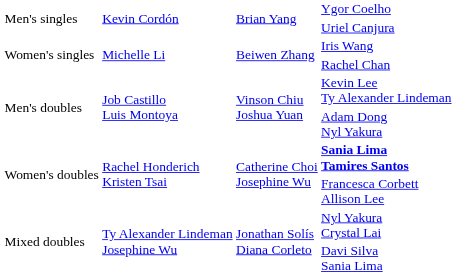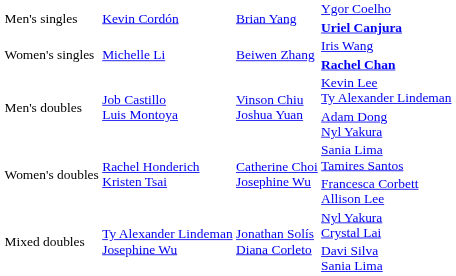 <table>
 <tr>
 <td rowspan="2">Men's singles</td>
 <td rowspan="2"> <a href='#'>Kevin Cordón</a></td>
 <td rowspan="2"> <a href='#'>Brian Yang</a></td>
 <td> <a href='#'>Ygor Coelho</a></td>
 </tr>
 <tr>
-<td> <a href='#'>Uriel Canjura</a></td>
+<td><strong> <a href='#'>Uriel Canjura</a></strong></td>
 </tr>
 <tr>
 <td rowspan="2">Women's singles</td>
 <td rowspan="2"> <a href='#'>Michelle Li</a></td>
 <td rowspan="2"> <a href='#'>Beiwen Zhang</a></td>
 <td> <a href='#'>Iris Wang</a></td>
 </tr>
 <tr>
-<td> <a href='#'>Rachel Chan</a></td>
+<td><strong> <a href='#'>Rachel Chan</a></strong></td>
 </tr>
 <tr>
 <td rowspan="2">Men's doubles</td>
 <td rowspan="2"> <a href='#'>Job Castillo</a><br> <a href='#'>Luis Montoya</a></td>
 <td rowspan="2"> <a href='#'>Vinson Chiu</a><br> <a href='#'>Joshua Yuan</a></td>
 <td> <a href='#'>Kevin Lee</a><br> <a href='#'>Ty Alexander Lindeman</a></td>
 </tr>
 <tr>
 <td> <a href='#'>Adam Dong</a><br> <a href='#'>Nyl Yakura</a></td>
 </tr>
 <tr>
 <td rowspan="2">Women's doubles</td>
 <td rowspan="2"> <a href='#'>Rachel Honderich</a><br> <a href='#'>Kristen Tsai</a></td>
 <td rowspan="2"> <a href='#'>Catherine Choi</a><br> <a href='#'>Josephine Wu</a></td>
-<td><strong> <a href='#'>Sania Lima</a><br> <a href='#'>Tamires Santos</a></strong></td>
+<td> <a href='#'>Sania Lima</a><br> <a href='#'>Tamires Santos</a></td>
 </tr>
 <tr>
 <td> <a href='#'>Francesca Corbett</a><br> <a href='#'>Allison Lee</a></td>
 </tr>
 <tr>
 <td rowspan="2">Mixed doubles</td>
 <td rowspan="2"> <a href='#'>Ty Alexander Lindeman</a><br> <a href='#'>Josephine Wu</a></td>
 <td rowspan="2"> <a href='#'>Jonathan Solís</a><br> <a href='#'>Diana Corleto</a></td>
 <td> <a href='#'>Nyl Yakura</a><br>  <a href='#'>Crystal Lai</a></td>
 </tr>
 <tr>
 <td> <a href='#'>Davi Silva</a><br> <a href='#'>Sania Lima</a></td>
 </tr>
 </table>
